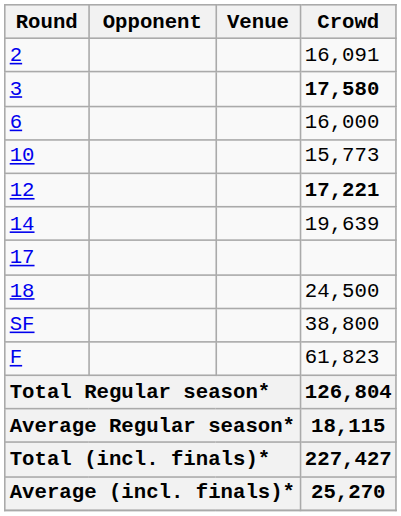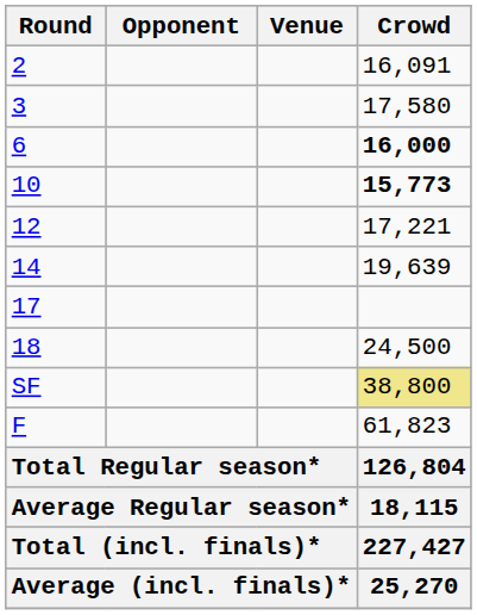 <table class="wikitable">
 <tr>
 <th>Round</th>
 <th>Opponent</th>
 <th>Venue</th>
 <th>Crowd</th>
 </tr>
 <tr>
 <td><a href='#'>2</a></td>
 <td></td>
 <td></td>
 <td>16,091</td>
 </tr>
 <tr>
 <td><a href='#'>3</a></td>
 <td></td>
 <td></td>
-<td><strong>17,580</strong></td>
+<td>17,580</td>
 </tr>
 <tr>
 <td><a href='#'>6</a></td>
 <td></td>
 <td></td>
-<td>16,000</td>
+<td><strong>16,000</strong></td>
 </tr>
 <tr>
 <td><a href='#'>10</a></td>
 <td></td>
 <td></td>
-<td>15,773</td>
+<td><strong>15,773</strong></td>
 </tr>
 <tr>
 <td><a href='#'>12</a></td>
 <td></td>
 <td></td>
-<td><strong>17,221</strong></td>
+<td>17,221</td>
 </tr>
 <tr>
 <td><a href='#'>14</a></td>
 <td></td>
 <td></td>
 <td>19,639</td>
 </tr>
 <tr>
 <td><a href='#'>17</a></td>
 <td></td>
 <td></td>
 <td></td>
 </tr>
 <tr>
 <td><a href='#'>18</a></td>
 <td></td>
 <td></td>
 <td>24,500</td>
 </tr>
 <tr>
 <td><a href='#'>SF</a></td>
 <td></td>
 <td></td>
-<td>38,800</td>
+<td style="background: khaki;">38,800</td>
 </tr>
 <tr>
 <td><a href='#'>F</a></td>
 <td></td>
 <td></td>
 <td>61,823</td>
 </tr>
 <tr>
 <th style="text-align:left" colspan="3">Total Regular season*</th>
 <th>126,804</th>
 </tr>
 <tr>
 <th style="text-align:left" colspan="3">Average Regular season*</th>
 <th>18,115</th>
 </tr>
 <tr>
 <th style="text-align:left" colspan="3">Total (incl. finals)*</th>
 <th>227,427</th>
 </tr>
 <tr>
 <th style="text-align:left" colspan="3">Average (incl. finals)*</th>
 <th>25,270</th>
 </tr>
 <tr>
 </tr>
 </table>
